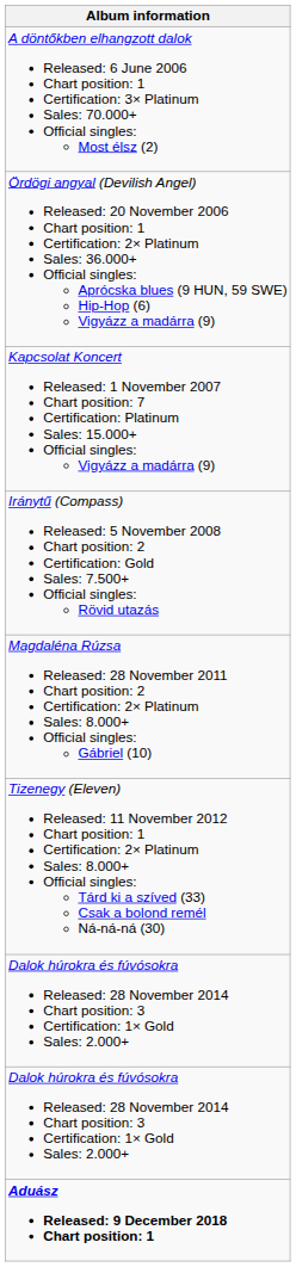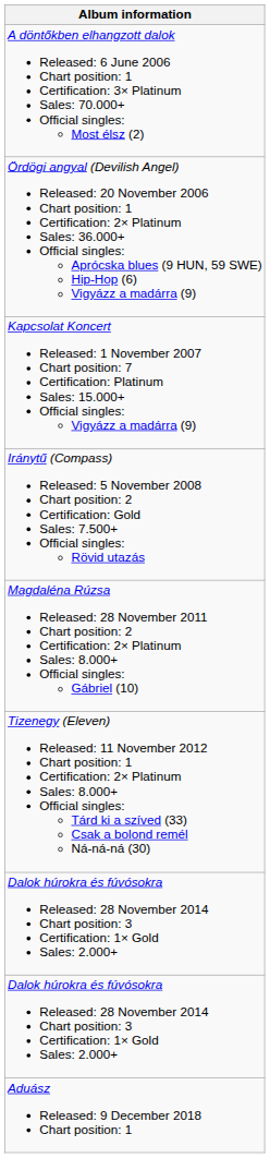 <table class="wikitable">
 <tr>
 <th align="left">Album information</th>
 </tr>
 <tr>
 <td align="left"><em><a href='#'>A döntőkben elhangzott dalok</a></em><br><ul><li>Released: 6 June 2006</li><li>Chart position: 1</li><li>Certification: 3× Platinum</li><li>Sales: 70.000+</li><li>Official singles:<ul><li><a href='#'>Most élsz</a> (2)</li></ul></li></ul></td>
 </tr>
 <tr>
 <td align="left"><em><a href='#'>Ördögi angyal</a>  (Devilish Angel)</em><br><ul><li>Released: 20 November 2006</li><li>Chart position: 1</li><li>Certification: 2× Platinum</li><li>Sales: 36.000+</li><li>Official singles:<ul><li><a href='#'>Aprócska blues</a> (9 HUN, 59 SWE)</li><li><a href='#'>Hip-Hop</a> (6)</li><li><a href='#'>Vigyázz a madárra</a> (9)</li></ul></li></ul></td>
 </tr>
 <tr>
 <td align="left"><em><a href='#'>Kapcsolat Koncert</a></em><br><ul><li>Released: 1 November 2007</li><li>Chart position: 7</li><li>Certification:  Platinum</li><li>Sales: 15.000+</li><li>Official singles:<ul><li><a href='#'>Vigyázz a madárra</a> (9)</li></ul></li></ul></td>
 </tr>
 <tr>
 <td align="left"><em><a href='#'>Iránytű</a> (Compass)</em><br><ul><li>Released: 5 November 2008</li><li>Chart position: 2</li><li>Certification:  Gold</li><li>Sales: 7.500+</li><li>Official singles:<ul><li><a href='#'>Rövid utazás</a></li></ul></li></ul></td>
 </tr>
 <tr>
 <td align="left"><em><a href='#'>Magdaléna Rúzsa</a></em><br><ul><li>Released: 28 November 2011</li><li>Chart position: 2</li><li>Certification: 2× Platinum</li><li>Sales: 8.000+</li><li>Official singles:<ul><li><a href='#'>Gábriel</a> (10)</li></ul></li></ul></td>
 </tr>
 <tr>
 <td align="left"><em><a href='#'>Tizenegy</a> (Eleven)</em><br><ul><li>Released: 11 November 2012</li><li>Chart position: 1</li><li>Certification: 2× Platinum</li><li>Sales: 8.000+</li><li>Official singles:<ul><li><a href='#'>Tárd ki a szíved</a> (33)</li><li><a href='#'>Csak a bolond remél</a></li><li>Ná-ná-ná (30)</li></ul></li></ul></td>
 </tr>
 <tr>
 <td align="left"><em><a href='#'>Dalok húrokra és fúvósokra</a></em><br><ul><li>Released: 28 November 2014</li><li>Chart position: 3</li><li>Certification: 1× Gold</li><li>Sales: 2.000+</li></ul></td>
 </tr>
 <tr>
 <td align="left"><em><a href='#'>Dalok húrokra és fúvósokra</a></em><br><ul><li>Released: 28 November 2014</li><li>Chart position: 3</li><li>Certification: 1× Gold</li><li>Sales: 2.000+</li></ul></td>
 </tr>
 <tr>
-<td align="left"><strong><em><a href='#'>Aduász</a></em><br><ul><li>Released: 9 December 2018</li><li>Chart position: 1</li></ul></strong></td>
+<td align="left"><em><a href='#'>Aduász</a></em><br><ul><li>Released: 9 December 2018</li><li>Chart position: 1</li></ul></td>
 </tr>
 </table>
